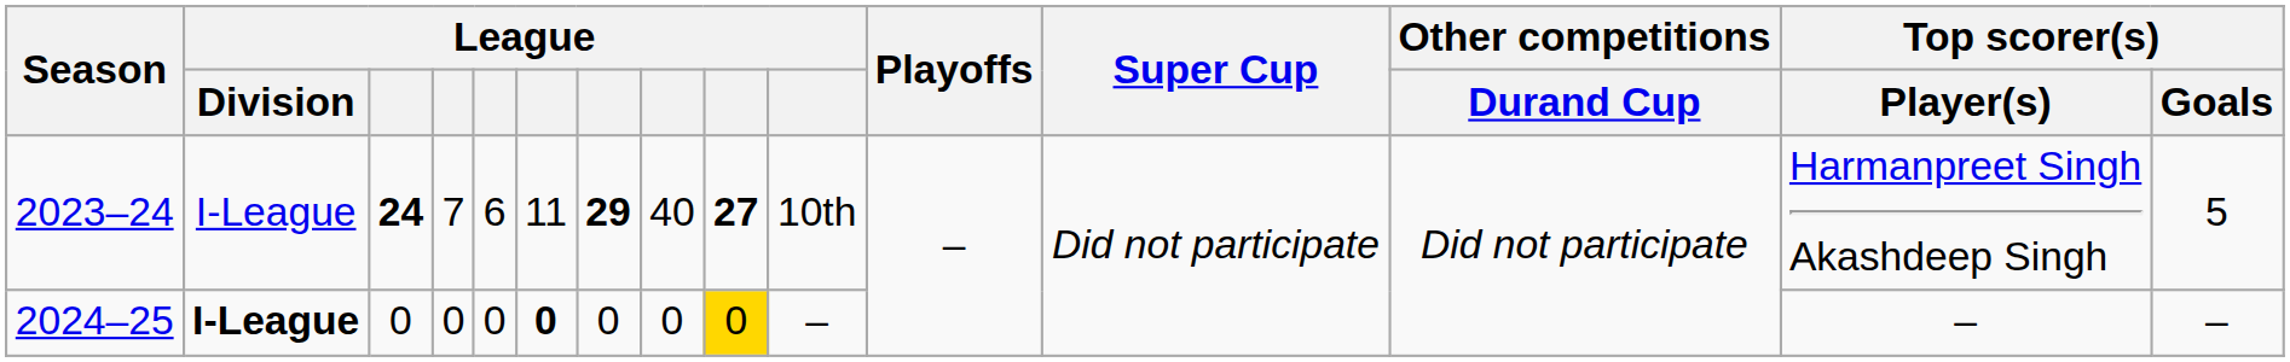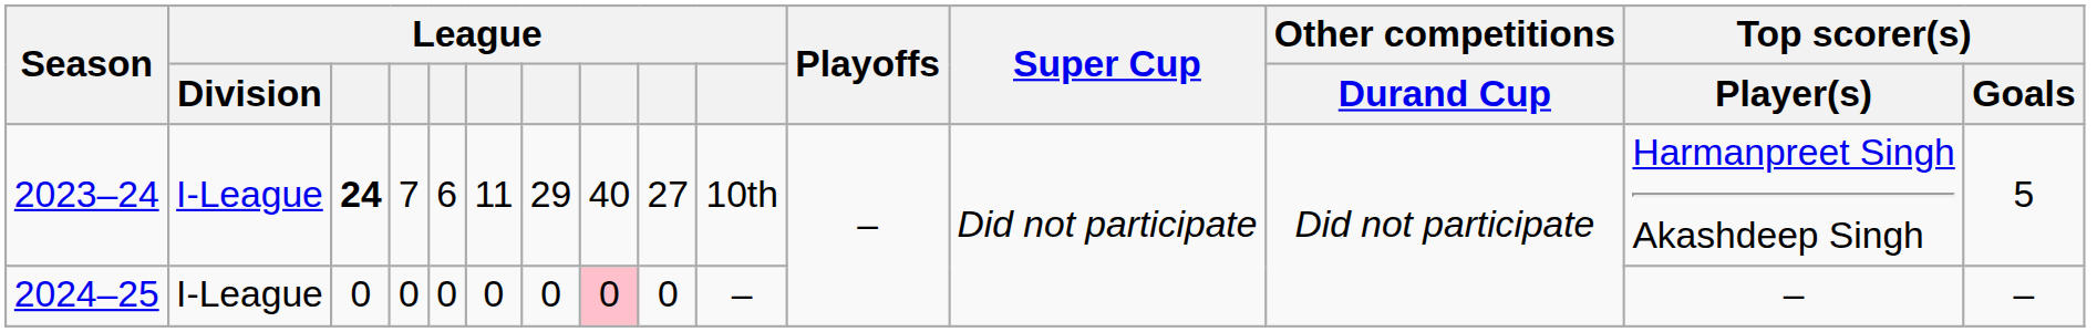 <table class="wikitable sortable" style="text-align: center">
 <tr>
 <th rowspan="2">Season</th>
 <th colspan="9">League</th>
 <th rowspan="2"><strong>Playoffs</strong></th>
 <th rowspan="2"><strong><a href='#'>Super Cup</a></strong></th>
 <th>Other competitions</th>
 <th colspan="2">Top scorer(s)</th>
 </tr>
 <tr>
 <th>Division</th>
 <th></th>
 <th></th>
 <th></th>
 <th></th>
 <th></th>
 <th></th>
 <th></th>
 <th></th>
 <th><a href='#'>Durand Cup</a></th>
 <th>Player(s)</th>
 <th>Goals</th>
 </tr>
 <tr>
 <td><a href='#'>2023–24</a></td>
 <td><a href='#'>I-League</a></td>
 <td><strong>24</strong></td>
 <td>7</td>
 <td>6</td>
 <td>11</td>
-<td><strong>29</strong></td>
+<td>29</td>
 <td>40</td>
-<td><strong>27</strong></td>
+<td>27</td>
 <td>10th</td>
 <td rowspan="2">–</td>
 <td rowspan="2"><em>Did not participate</em></td>
 <td rowspan="2"><em>Did not participate</em></td>
 <td align="left"> <a href='#'>Harmanpreet Singh</a><hr> Akashdeep Singh</td>
 <td>5</td>
 </tr>
 <tr>
 <td><a href='#'>2024–25</a></td>
-<td><strong>I-League</strong></td>
+<td>I-League</td>
 <td>0</td>
 <td>0</td>
 <td>0</td>
-<td><strong>0</strong></td>
 <td>0</td>
 <td>0</td>
-<td style="background: gold;">0</td>
+<td style="background: pink;">0</td>
+<td>0</td>
 <td>–</td>
 <td>–</td>
 <td>–</td>
 </tr>
 </table>
